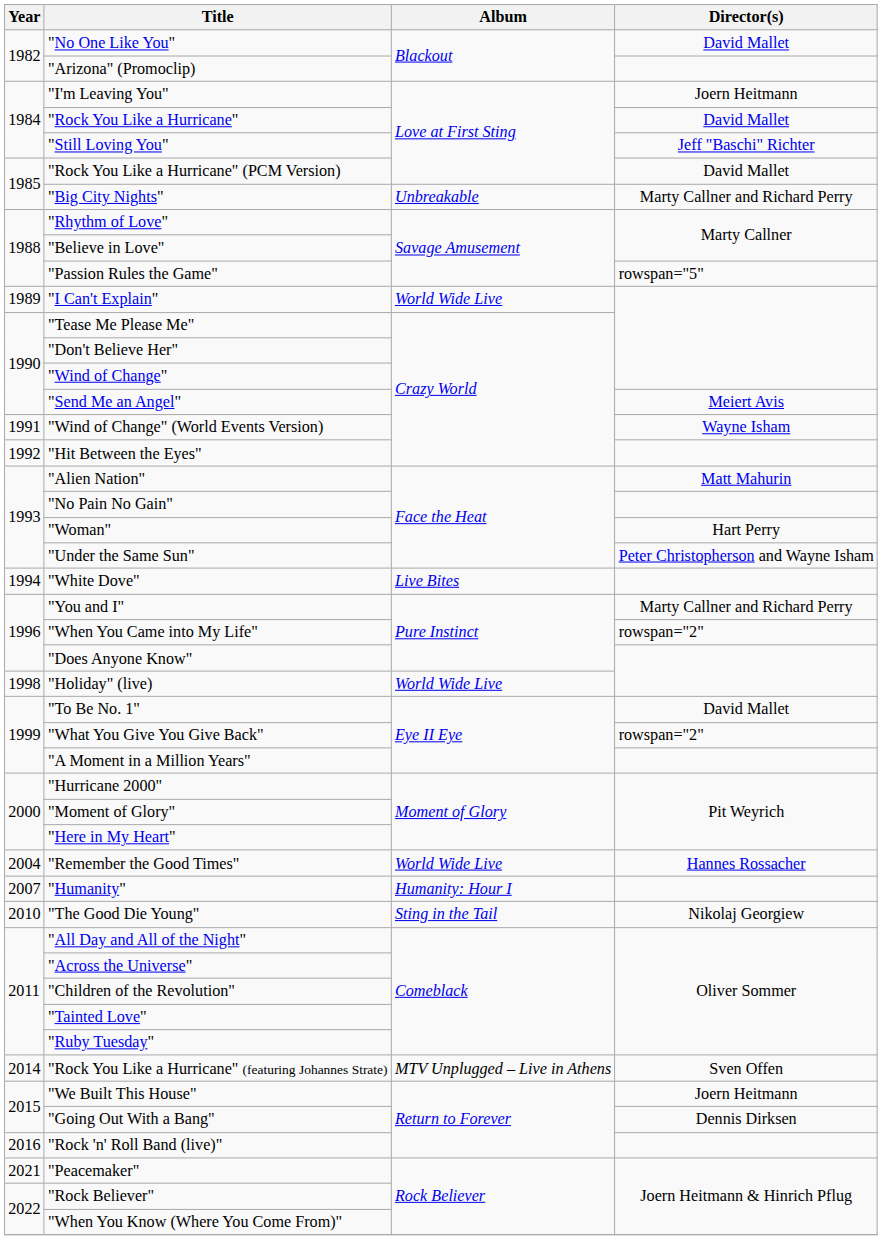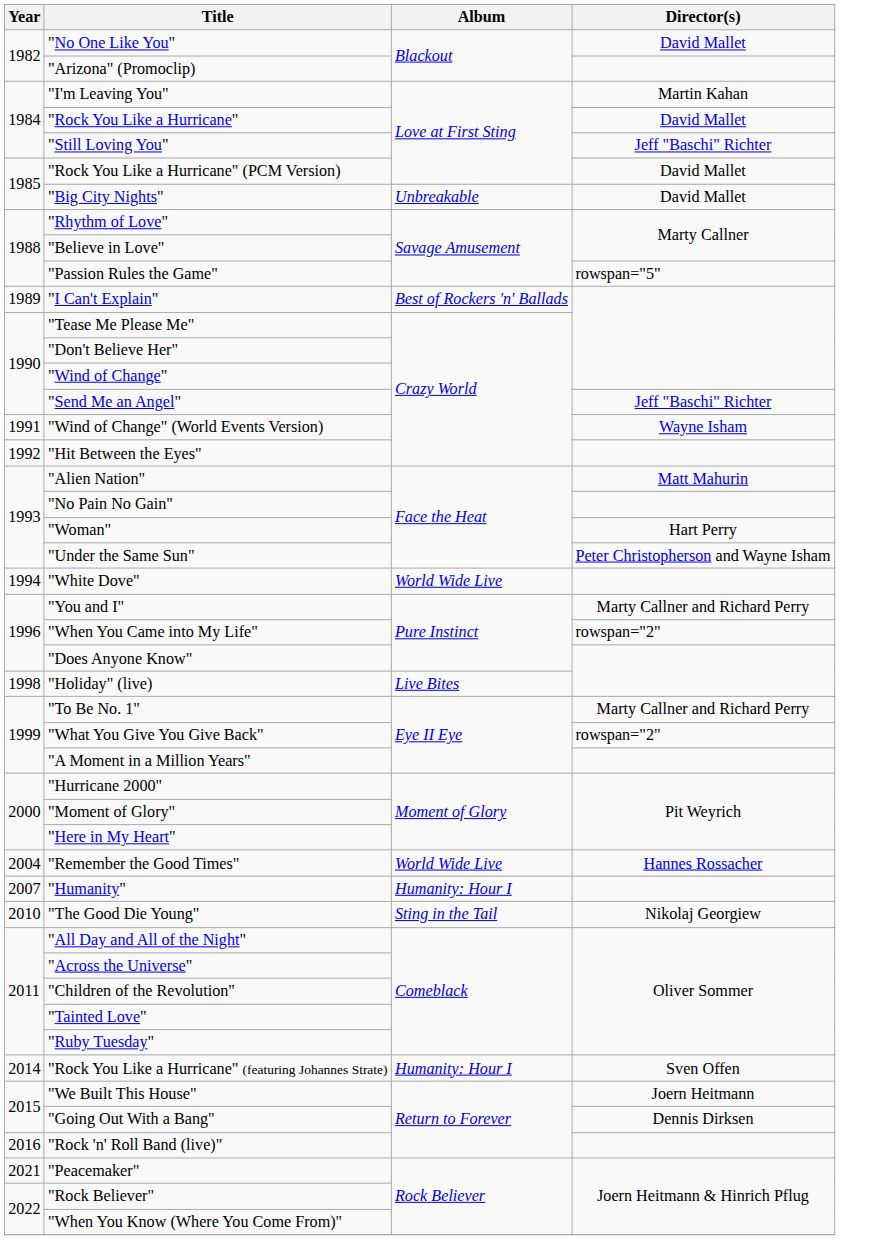 <table class="wikitable">
 <tr>
 <th>Year</th>
 <th>Title</th>
 <th>Album</th>
 <th>Director(s)</th>
 </tr>
 <tr>
 <td rowspan="2">1982</td>
 <td>"<a href='#'>No One Like You</a>"</td>
 <td rowspan="2"><em><a href='#'>Blackout</a></em></td>
 <td align="center"><a href='#'>David Mallet</a></td>
 </tr>
 <tr>
 <td>"Arizona" (Promoclip)</td>
 <td align="center"></td>
 </tr>
 <tr>
 <td rowspan="3">1984</td>
 <td>"I'm Leaving You"</td>
 <td rowspan="4"><em><a href='#'>Love at First Sting</a></em></td>
-<td align="center">Joern Heitmann</td>
+<td align="center">Martin Kahan</td>
 </tr>
 <tr>
 <td>"<a href='#'>Rock You Like a Hurricane</a>"</td>
 <td align="center"><a href='#'>David Mallet</a></td>
 </tr>
 <tr>
 <td>"<a href='#'>Still Loving You</a>"</td>
 <td align="center"><a href='#'>Jeff "Baschi" Richter</a></td>
 </tr>
 <tr>
 <td rowspan="2">1985</td>
 <td>"Rock You Like a Hurricane" (PCM Version)</td>
 <td align="center">David Mallet</td>
 </tr>
 <tr>
 <td>"<a href='#'>Big City Nights</a>"</td>
 <td><em><a href='#'>Unbreakable</a></em></td>
-<td align="center">Marty Callner and Richard Perry</td>
+<td align="center">David Mallet</td>
 </tr>
 <tr>
 <td rowspan="3">1988</td>
 <td>"<a href='#'>Rhythm of Love</a>"</td>
 <td rowspan="3"><em><a href='#'>Savage Amusement</a></em></td>
 <td rowspan="2" align="center">Marty Callner</td>
 </tr>
 <tr>
 <td>"Believe in Love"</td>
 </tr>
 <tr>
 <td>"Passion Rules the Game"</td>
 <td>rowspan="5" </td>
 </tr>
 <tr>
 <td>1989</td>
 <td>"<a href='#'>I Can't Explain</a>"</td>
-<td><em><a href='#'>World Wide Live</a></em></td>
+<td><em><a href='#'>Best of Rockers 'n' Ballads</a></em></td>
 </tr>
 <tr>
 <td rowspan="4">1990</td>
 <td>"Tease Me Please Me"</td>
 <td rowspan="6"><em><a href='#'>Crazy World</a></em></td>
 </tr>
 <tr>
 <td>"Don't Believe Her"</td>
 </tr>
 <tr>
 <td>"<a href='#'>Wind of Change</a>"</td>
 </tr>
 <tr>
 <td>"<a href='#'>Send Me an Angel</a>"</td>
-<td align="center"><a href='#'>Meiert Avis</a></td>
+<td align="center"><a href='#'>Jeff "Baschi" Richter</a></td>
 </tr>
 <tr>
 <td>1991</td>
 <td>"Wind of Change" (World Events Version)</td>
 <td align="center"><a href='#'>Wayne Isham</a></td>
 </tr>
 <tr>
 <td>1992</td>
 <td>"Hit Between the Eyes"</td>
 <td></td>
 </tr>
 <tr>
 <td rowspan="4">1993</td>
 <td>"Alien Nation"</td>
 <td rowspan="4"><em><a href='#'>Face the Heat</a></em></td>
 <td align="center"><a href='#'>Matt Mahurin</a></td>
 </tr>
 <tr>
 <td>"No Pain No Gain"</td>
 <td></td>
 </tr>
 <tr>
 <td>"Woman"</td>
 <td align="center">Hart Perry</td>
 </tr>
 <tr>
 <td>"Under the Same Sun"</td>
 <td align="center"><a href='#'>Peter Christopherson</a> and Wayne Isham</td>
 </tr>
 <tr>
 <td>1994</td>
 <td>"White Dove"</td>
-<td><em><a href='#'>Live Bites</a></em></td>
+<td><em><a href='#'>World Wide Live</a></em></td>
 <td></td>
 </tr>
 <tr>
 <td rowspan="3">1996</td>
 <td>"You and I"</td>
 <td rowspan="3"><em><a href='#'>Pure Instinct</a></em></td>
 <td align="center">Marty Callner and Richard Perry</td>
 </tr>
 <tr>
 <td>"When You Came into My Life"</td>
 <td>rowspan="2" </td>
 </tr>
 <tr>
 <td>"Does Anyone Know"</td>
 </tr>
 <tr>
 <td>1998</td>
 <td>"Holiday" (live)</td>
-<td><em><a href='#'>World Wide Live</a></em></td>
+<td><em><a href='#'>Live Bites</a></em></td>
 </tr>
 <tr>
 <td rowspan="3">1999</td>
 <td>"To Be No. 1"</td>
 <td rowspan="3"><em><a href='#'>Eye II Eye</a></em></td>
-<td align="center">David Mallet</td>
+<td align="center">Marty Callner and Richard Perry</td>
 </tr>
 <tr>
 <td>"What You Give You Give Back"</td>
 <td>rowspan="2" </td>
 </tr>
 <tr>
 <td>"A Moment in a Million Years"</td>
 </tr>
 <tr>
 <td rowspan="3">2000</td>
 <td>"Hurricane 2000"</td>
 <td rowspan="3"><em><a href='#'>Moment of Glory</a></em></td>
 <td rowspan="3" style="text-align:center;">Pit Weyrich</td>
 </tr>
 <tr>
 <td>"Moment of Glory"</td>
 </tr>
 <tr>
 <td>"<a href='#'>Here in My Heart</a>"</td>
 </tr>
 <tr>
 <td>2004</td>
 <td>"Remember the Good Times"</td>
 <td><em><a href='#'>World Wide Live</a></em></td>
 <td align="center"><a href='#'>Hannes Rossacher</a></td>
 </tr>
 <tr>
 <td>2007</td>
 <td>"<a href='#'>Humanity</a>"</td>
 <td><em><a href='#'>Humanity: Hour I</a></em></td>
 <td></td>
 </tr>
 <tr>
 <td>2010</td>
 <td>"The Good Die Young"</td>
 <td><em><a href='#'>Sting in the Tail</a></em></td>
 <td align="center">Nikolaj Georgiew</td>
 </tr>
 <tr>
 <td rowspan="5">2011</td>
 <td>"<a href='#'>All Day and All of the Night</a>"</td>
 <td rowspan="5"><em><a href='#'>Comeblack</a></em></td>
 <td rowspan="5" style="text-align:center;">Oliver Sommer</td>
 </tr>
 <tr>
 <td>"<a href='#'>Across the Universe</a>"</td>
 </tr>
 <tr>
 <td>"Children of the Revolution"</td>
 </tr>
 <tr>
 <td>"<a href='#'>Tainted Love</a>"</td>
 </tr>
 <tr>
 <td>"<a href='#'>Ruby Tuesday</a>"</td>
 </tr>
 <tr>
 <td>2014</td>
 <td>"Rock You Like a Hurricane" <small>(featuring Johannes Strate)</small></td>
-<td><em>MTV Unplugged – Live in Athens</em></td>
+<td><em><a href='#'>Humanity: Hour I</a></em></td>
 <td align="center">Sven Offen</td>
 </tr>
 <tr>
 <td rowspan="2">2015</td>
 <td>"We Built This House"</td>
 <td rowspan="3"><em><a href='#'>Return to Forever</a></em></td>
 <td align="center">Joern Heitmann</td>
 </tr>
 <tr>
 <td>"Going Out With a Bang"</td>
 <td align="center">Dennis Dirksen</td>
 </tr>
 <tr>
 <td>2016</td>
 <td>"Rock 'n' Roll Band (live)"</td>
 <td align="center"></td>
 </tr>
 <tr>
 <td>2021</td>
 <td>"Peacemaker"</td>
 <td rowspan="3"><em><a href='#'>Rock Believer</a></em></td>
 <td rowspan="3" align="center">Joern Heitmann & Hinrich Pflug</td>
 </tr>
 <tr>
 <td rowspan="2">2022</td>
 <td>"Rock Believer"</td>
 </tr>
 <tr>
 <td>"When You Know (Where You Come From)"</td>
 </tr>
 <tr>
 </tr>
 </table>
